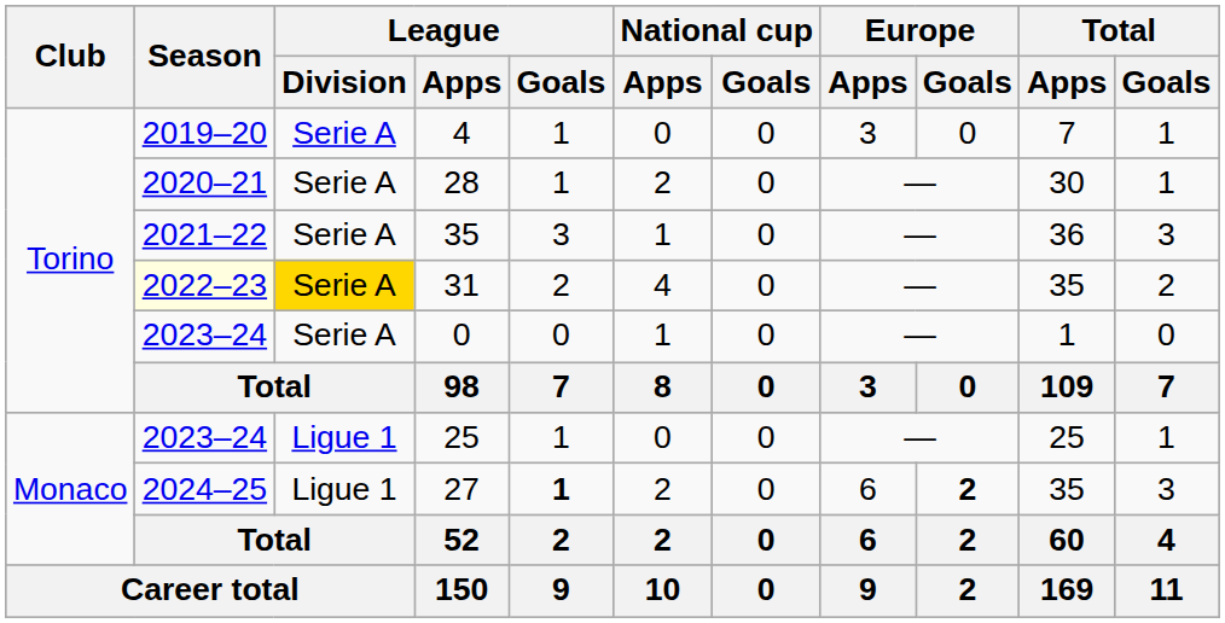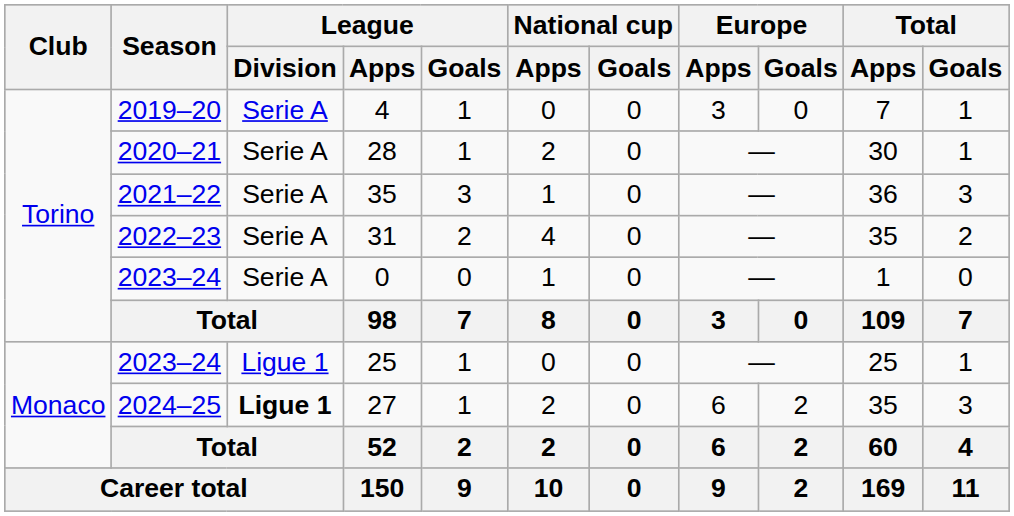 <table class="wikitable" style="text-align:center">
 <tr>
 <th rowspan="2">Club</th>
 <th rowspan="2">Season</th>
 <th colspan="3">League</th>
 <th colspan="2">National cup</th>
 <th colspan="2">Europe</th>
 <th colspan="2">Total</th>
 </tr>
 <tr>
 <th>Division</th>
 <th>Apps</th>
 <th>Goals</th>
 <th>Apps</th>
 <th>Goals</th>
 <th>Apps</th>
 <th>Goals</th>
 <th>Apps</th>
 <th>Goals</th>
 </tr>
 <tr>
 <td rowspan="6"><a href='#'>Torino</a></td>
 <td><a href='#'>2019–20</a></td>
 <td><a href='#'>Serie A</a></td>
 <td>4</td>
 <td>1</td>
 <td>0</td>
 <td>0</td>
 <td>3</td>
 <td>0</td>
 <td>7</td>
 <td>1</td>
 </tr>
 <tr>
 <td><a href='#'>2020–21</a></td>
 <td>Serie A</td>
 <td>28</td>
 <td>1</td>
 <td>2</td>
 <td>0</td>
 <td colspan="2">—</td>
 <td>30</td>
 <td>1</td>
 </tr>
 <tr>
 <td><a href='#'>2021–22</a></td>
 <td>Serie A</td>
 <td>35</td>
 <td>3</td>
 <td>1</td>
 <td>0</td>
 <td colspan="2">—</td>
 <td>36</td>
 <td>3</td>
 </tr>
 <tr>
-<td style="background: lightyellow;"><a href='#'>2022–23</a></td>
-<td style="background: gold;">Serie A</td>
+<td><a href='#'>2022–23</a></td>
+<td>Serie A</td>
 <td>31</td>
 <td>2</td>
 <td>4</td>
 <td>0</td>
 <td colspan="2">—</td>
 <td>35</td>
 <td>2</td>
 </tr>
 <tr>
 <td><a href='#'>2023–24</a></td>
 <td>Serie A</td>
 <td>0</td>
 <td>0</td>
 <td>1</td>
 <td>0</td>
 <td colspan="2">—</td>
 <td>1</td>
 <td>0</td>
 </tr>
 <tr>
 <th colspan="2">Total</th>
 <th>98</th>
 <th>7</th>
 <th>8</th>
 <th>0</th>
 <th>3</th>
 <th>0</th>
 <th>109</th>
 <th>7</th>
 </tr>
 <tr>
 <td rowspan="3"><a href='#'>Monaco</a></td>
 <td><a href='#'>2023–24</a></td>
 <td><a href='#'>Ligue 1</a></td>
 <td>25</td>
 <td>1</td>
 <td>0</td>
 <td>0</td>
 <td colspan="2">—</td>
 <td>25</td>
 <td>1</td>
 </tr>
 <tr>
 <td><a href='#'>2024–25</a></td>
-<td>Ligue 1</td>
+<td><strong>Ligue 1</strong></td>
 <td>27</td>
-<td><strong>1</strong></td>
+<td>1</td>
 <td>2</td>
 <td>0</td>
 <td>6</td>
-<td><strong>2</strong></td>
+<td>2</td>
 <td>35</td>
 <td>3</td>
 </tr>
 <tr>
 <th colspan="2">Total</th>
 <th>52</th>
 <th>2</th>
 <th>2</th>
 <th>0</th>
 <th>6</th>
 <th>2</th>
 <th>60</th>
 <th>4</th>
 </tr>
 <tr>
 <th colspan="3">Career total</th>
 <th>150</th>
 <th>9</th>
 <th>10</th>
 <th>0</th>
 <th>9</th>
 <th>2</th>
 <th>169</th>
 <th>11</th>
 </tr>
 </table>
